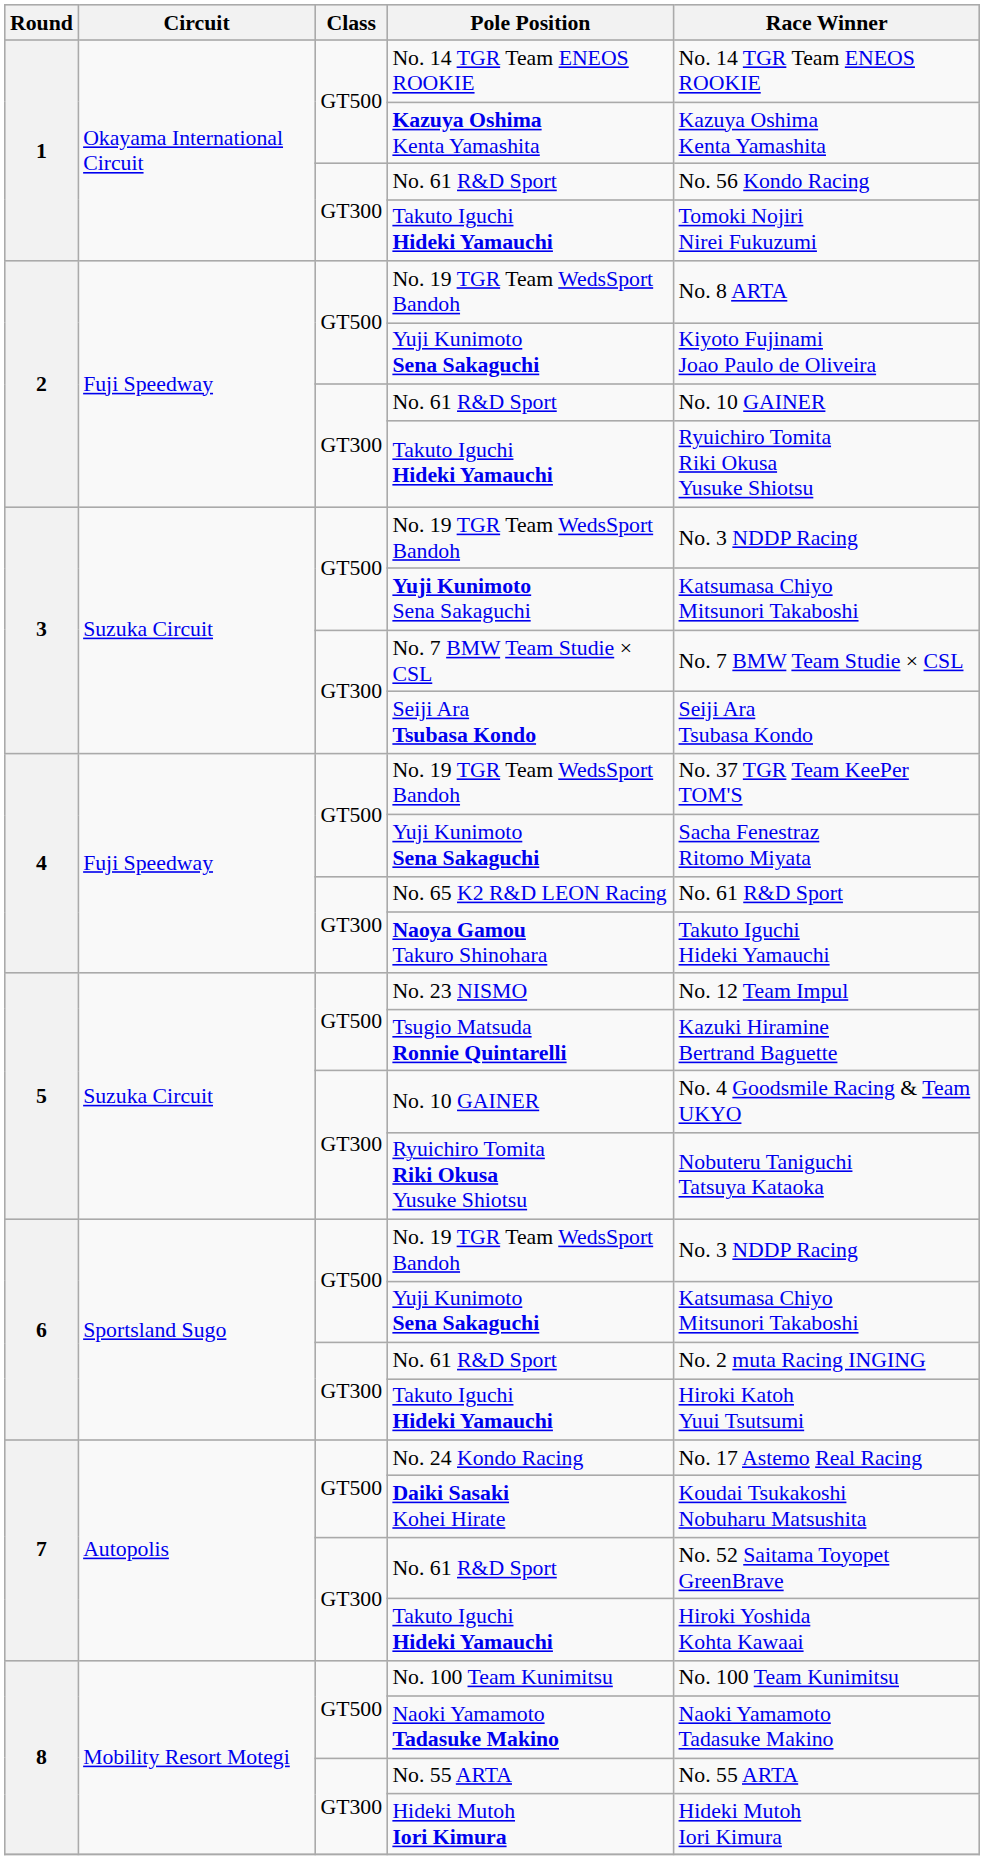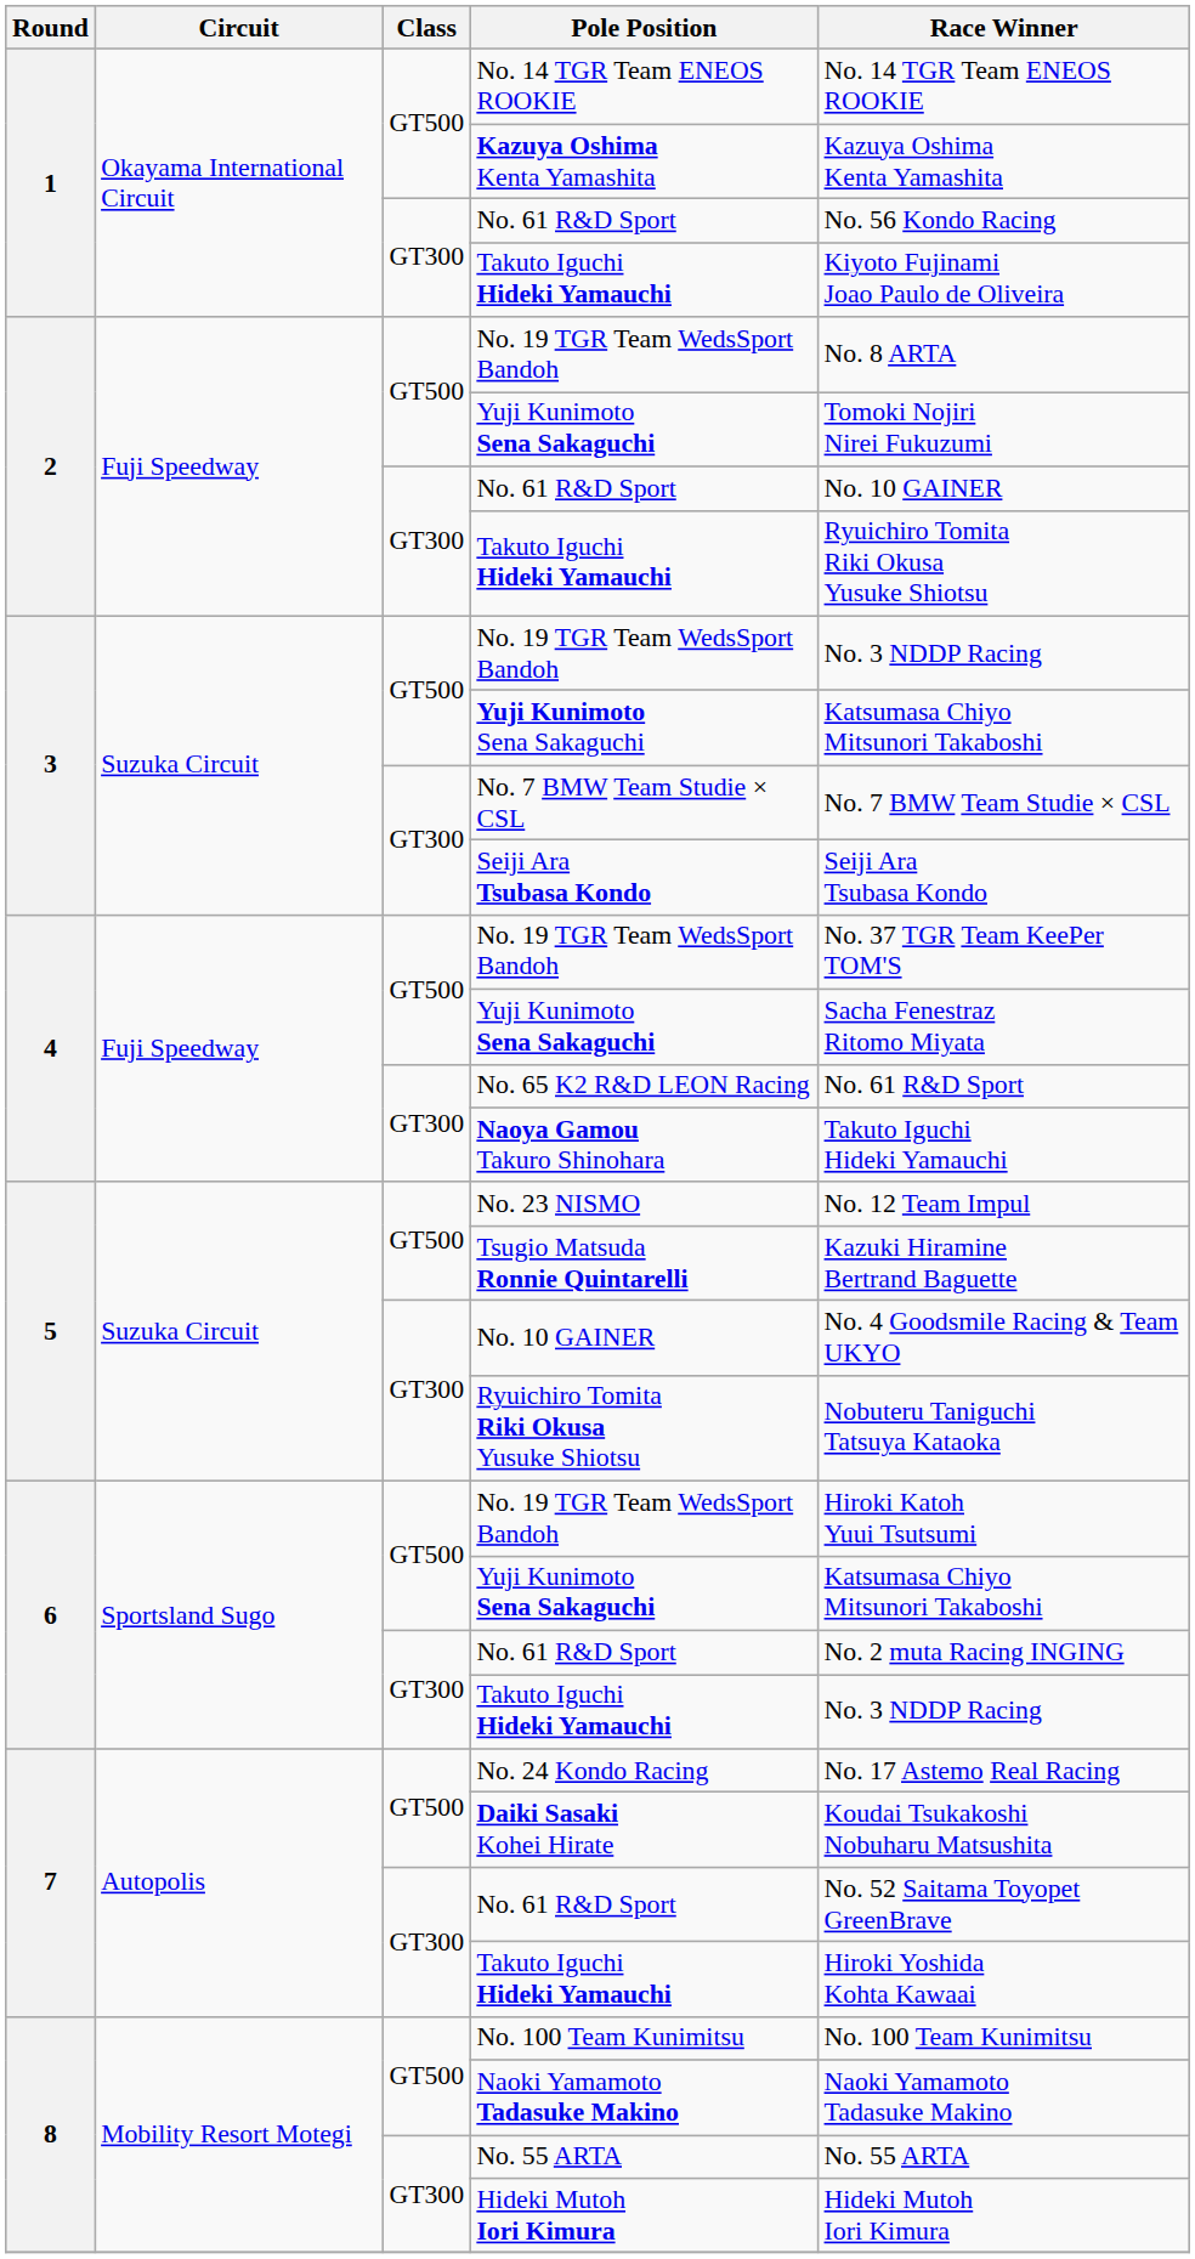 <table class="wikitable" style="font-size:85%;">
 <tr>
 <th>Round</th>
 <th>Circuit</th>
 <th>Class</th>
 <th>Pole Position</th>
 <th>Race Winner</th>
 </tr>
 <tr>
 <th rowspan="4">1</th>
 <td rowspan="4"><a href='#'>Okayama International Circuit</a></td>
 <td align="center" rowspan=2>GT500</td>
 <td>No. 14 <a href='#'>TGR</a> Team <a href='#'>ENEOS</a> <a href='#'>ROOKIE</a></td>
 <td>No. 14 <a href='#'>TGR</a> Team <a href='#'>ENEOS</a> <a href='#'>ROOKIE</a></td>
 </tr>
 <tr>
 <td><strong> <a href='#'>Kazuya Oshima</a></strong><br> <a href='#'>Kenta Yamashita</a></td>
 <td> <a href='#'>Kazuya Oshima</a><br> <a href='#'>Kenta Yamashita</a></td>
 </tr>
 <tr>
 <td align="center" rowspan=2>GT300</td>
 <td>No. 61 <a href='#'>R&D Sport</a></td>
 <td>No. 56 <a href='#'>Kondo Racing</a></td>
 </tr>
 <tr>
 <td> <a href='#'>Takuto Iguchi</a><br><strong> <a href='#'>Hideki Yamauchi</a></strong></td>
-<td> <a href='#'>Tomoki Nojiri</a><br> <a href='#'>Nirei Fukuzumi</a></td>
+<td> <a href='#'>Kiyoto Fujinami</a><br> <a href='#'>Joao Paulo de Oliveira</a></td>
 </tr>
 <tr>
 <th rowspan="4">2</th>
 <td rowspan="4"><a href='#'>Fuji Speedway</a></td>
 <td align="center" rowspan=2>GT500</td>
 <td>No. 19 <a href='#'>TGR</a> Team <a href='#'>WedsSport Bandoh</a></td>
 <td>No. 8 <a href='#'>ARTA</a></td>
 </tr>
 <tr>
 <td> <a href='#'>Yuji Kunimoto</a><br><strong> <a href='#'>Sena Sakaguchi</a></strong></td>
-<td> <a href='#'>Kiyoto Fujinami</a><br> <a href='#'>Joao Paulo de Oliveira</a></td>
+<td> <a href='#'>Tomoki Nojiri</a><br> <a href='#'>Nirei Fukuzumi</a></td>
 </tr>
 <tr>
 <td align="center" rowspan=2>GT300</td>
 <td>No. 61 <a href='#'>R&D Sport</a></td>
 <td>No. 10 <a href='#'>GAINER</a></td>
 </tr>
 <tr>
 <td> <a href='#'>Takuto Iguchi</a><br><strong> <a href='#'>Hideki Yamauchi</a></strong></td>
 <td> <a href='#'>Ryuichiro Tomita</a><br> <a href='#'>Riki Okusa</a><br> <a href='#'>Yusuke Shiotsu</a></td>
 </tr>
 <tr>
 <th rowspan="4">3</th>
 <td rowspan="4"><a href='#'>Suzuka Circuit</a></td>
 <td align="center" rowspan=2>GT500</td>
 <td>No. 19 <a href='#'>TGR</a> Team <a href='#'>WedsSport Bandoh</a></td>
 <td>No. 3 <a href='#'>NDDP Racing</a></td>
 </tr>
 <tr>
 <td><strong> <a href='#'>Yuji Kunimoto</a> </strong> <br> <a href='#'>Sena Sakaguchi</a></td>
 <td> <a href='#'>Katsumasa Chiyo</a><br> <a href='#'>Mitsunori Takaboshi</a></td>
 </tr>
 <tr>
 <td align="center" rowspan=2>GT300</td>
 <td>No. 7 <a href='#'>BMW</a> <a href='#'>Team Studie</a> × <a href='#'>CSL</a></td>
 <td>No. 7 <a href='#'>BMW</a> <a href='#'>Team Studie</a> × <a href='#'>CSL</a></td>
 </tr>
 <tr>
 <td> <a href='#'>Seiji Ara</a>  <br> <strong><a href='#'>Tsubasa Kondo</a></strong></td>
 <td> <a href='#'>Seiji Ara</a>  <br> <a href='#'>Tsubasa Kondo</a></td>
 </tr>
 <tr>
 <th rowspan="4">4</th>
 <td rowspan="4"><a href='#'>Fuji Speedway</a></td>
 <td align="center" rowspan=2>GT500</td>
 <td>No. 19 <a href='#'>TGR</a> Team <a href='#'>WedsSport Bandoh</a></td>
 <td>No. 37 <a href='#'>TGR</a> <a href='#'>Team KeePer TOM'S</a></td>
 </tr>
 <tr>
 <td> <a href='#'>Yuji Kunimoto</a><br><strong> <a href='#'>Sena Sakaguchi</a></strong></td>
 <td> <a href='#'>Sacha Fenestraz</a><br> <a href='#'>Ritomo Miyata</a></td>
 </tr>
 <tr>
 <td align="center" rowspan=2>GT300</td>
 <td>No. 65 <a href='#'>K2 R&D LEON Racing</a></td>
 <td>No. 61 <a href='#'>R&D Sport</a></td>
 </tr>
 <tr>
 <td> <strong><a href='#'>Naoya Gamou</a></strong> <br> <a href='#'>Takuro Shinohara</a></td>
 <td> <a href='#'>Takuto Iguchi</a><br> <a href='#'>Hideki Yamauchi</a></td>
 </tr>
 <tr>
 <th rowspan="4">5</th>
 <td rowspan="4"><a href='#'>Suzuka Circuit</a></td>
 <td align="center" rowspan=2>GT500</td>
 <td>No. 23 <a href='#'>NISMO</a></td>
 <td>No. 12 <a href='#'>Team Impul</a></td>
 </tr>
 <tr>
 <td> <a href='#'>Tsugio Matsuda</a><br><strong> <a href='#'>Ronnie Quintarelli</a></strong></td>
 <td> <a href='#'>Kazuki Hiramine</a><br> <a href='#'>Bertrand Baguette</a></td>
 </tr>
 <tr>
 <td align="center" rowspan=2>GT300</td>
 <td>No. 10 <a href='#'>GAINER</a></td>
 <td>No. 4 <a href='#'>Goodsmile Racing</a> & <a href='#'>Team UKYO</a></td>
 </tr>
 <tr>
 <td> <a href='#'>Ryuichiro Tomita</a><br> <strong><a href='#'>Riki Okusa</a></strong> <br> <a href='#'>Yusuke Shiotsu</a></td>
 <td> <a href='#'>Nobuteru Taniguchi</a><br> <a href='#'>Tatsuya Kataoka</a></td>
 </tr>
 <tr>
 <th rowspan="4">6</th>
 <td rowspan="4"><a href='#'>Sportsland Sugo</a></td>
 <td align="center" rowspan=2>GT500</td>
 <td>No. 19 <a href='#'>TGR</a> Team <a href='#'>WedsSport Bandoh</a></td>
-<td>No. 3 <a href='#'>NDDP Racing</a></td>
+<td> <a href='#'>Hiroki Katoh</a> <br> <a href='#'>Yuui Tsutsumi</a></td>
 </tr>
 <tr>
 <td> <a href='#'>Yuji Kunimoto</a><br><strong> <a href='#'>Sena Sakaguchi</a></strong></td>
 <td> <a href='#'>Katsumasa Chiyo</a><br> <a href='#'>Mitsunori Takaboshi</a></td>
 </tr>
 <tr>
 <td align="center" rowspan=2>GT300</td>
 <td>No. 61 <a href='#'>R&D Sport</a></td>
 <td>No. 2 <a href='#'>muta Racing INGING</a></td>
 </tr>
 <tr>
 <td> <a href='#'>Takuto Iguchi</a><br><strong> <a href='#'>Hideki Yamauchi</a></strong></td>
-<td> <a href='#'>Hiroki Katoh</a> <br> <a href='#'>Yuui Tsutsumi</a></td>
+<td>No. 3 <a href='#'>NDDP Racing</a></td>
 </tr>
 <tr>
 <th rowspan="4">7</th>
 <td rowspan="4"><a href='#'>Autopolis</a></td>
 <td align="center" rowspan=2>GT500</td>
 <td>No. 24 <a href='#'>Kondo Racing</a></td>
 <td>No. 17 <a href='#'>Astemo</a> <a href='#'>Real Racing</a></td>
 </tr>
 <tr>
 <td><strong> <a href='#'>Daiki Sasaki</a></strong><br> <a href='#'>Kohei Hirate</a></td>
 <td> <a href='#'>Koudai Tsukakoshi</a><br> <a href='#'>Nobuharu Matsushita</a></td>
 </tr>
 <tr>
 <td align="center" rowspan=2>GT300</td>
 <td>No. 61 <a href='#'>R&D Sport</a></td>
 <td>No. 52 <a href='#'>Saitama Toyopet GreenBrave</a></td>
 </tr>
 <tr>
 <td> <a href='#'>Takuto Iguchi</a><br><strong> <a href='#'>Hideki Yamauchi</a></strong></td>
 <td> <a href='#'>Hiroki Yoshida</a><br> <a href='#'>Kohta Kawaai</a></td>
 </tr>
 <tr>
 <th rowspan="4">8</th>
 <td rowspan="4"><a href='#'>Mobility Resort Motegi</a></td>
 <td align="center" rowspan=2>GT500</td>
 <td>No. 100 <a href='#'>Team Kunimitsu</a></td>
 <td>No. 100 <a href='#'>Team Kunimitsu</a></td>
 </tr>
 <tr>
 <td> <a href='#'>Naoki Yamamoto</a><br><strong> <a href='#'>Tadasuke Makino</a></strong></td>
 <td> <a href='#'>Naoki Yamamoto</a><br> <a href='#'>Tadasuke Makino</a></td>
 </tr>
 <tr>
 <td align="center" rowspan=2>GT300</td>
 <td>No. 55 <a href='#'>ARTA</a></td>
 <td>No. 55 <a href='#'>ARTA</a></td>
 </tr>
 <tr>
 <td> <a href='#'>Hideki Mutoh</a><br><strong> <a href='#'>Iori Kimura</a></strong></td>
 <td> <a href='#'>Hideki Mutoh</a><br> <a href='#'>Iori Kimura</a></td>
 </tr>
 <tr>
 </tr>
 </table>
